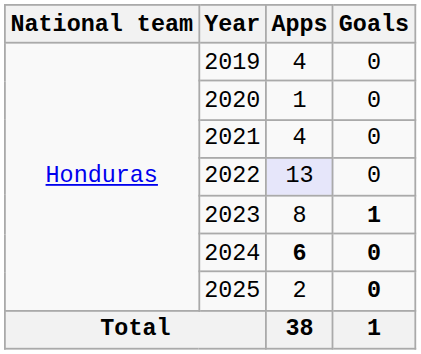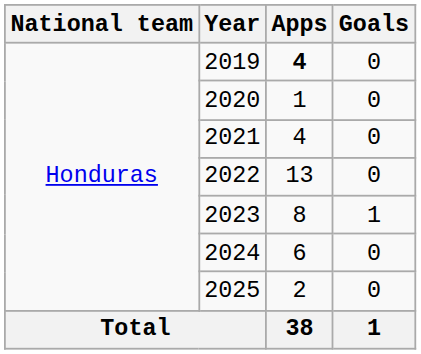 <table class="wikitable" style="text-align: center;">
 <tr>
 <th>National team</th>
 <th>Year</th>
 <th>Apps</th>
 <th>Goals</th>
 </tr>
 <tr>
 <td rowspan="7" valign="center"><a href='#'>Honduras</a></td>
 <td>2019</td>
-<td>4</td>
+<td><strong>4</strong></td>
 <td>0</td>
 </tr>
 <tr>
 <td>2020</td>
 <td>1</td>
 <td>0</td>
 </tr>
 <tr>
 <td>2021</td>
 <td>4</td>
 <td>0</td>
 </tr>
 <tr>
 <td>2022</td>
-<td style="background: lavender;">13</td>
+<td>13</td>
 <td>0</td>
 </tr>
 <tr>
 <td>2023</td>
 <td>8</td>
-<td><strong>1</strong></td>
+<td>1</td>
 </tr>
 <tr>
 <td>2024</td>
-<td><strong>6</strong></td>
-<td><strong>0</strong></td>
+<td>6</td>
+<td>0</td>
 </tr>
 <tr>
 <td>2025</td>
 <td>2</td>
-<td><strong>0</strong></td>
+<td>0</td>
 </tr>
 <tr>
 <th colspan="2">Total</th>
 <th>38</th>
 <th>1</th>
 </tr>
 </table>
